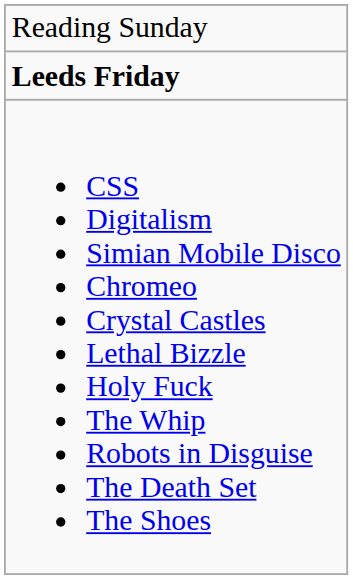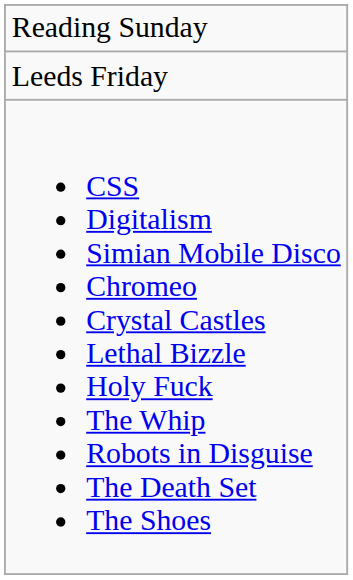 <table class="wikitable">
 <tr>
 <td>Reading Sunday</td>
 </tr>
 <tr>
-<td><strong>Leeds Friday</strong></td>
+<td>Leeds Friday</td>
 </tr>
 <tr>
 <td><br><ul><li><a href='#'>CSS</a></li><li><a href='#'>Digitalism</a></li><li><a href='#'>Simian Mobile Disco</a></li><li><a href='#'>Chromeo</a></li><li><a href='#'>Crystal Castles</a></li><li><a href='#'>Lethal Bizzle</a></li><li><a href='#'>Holy Fuck</a></li><li><a href='#'>The Whip</a></li><li><a href='#'>Robots in Disguise</a></li><li><a href='#'>The Death Set</a></li><li><a href='#'>The Shoes</a></li></ul></td>
 </tr>
 </table>
